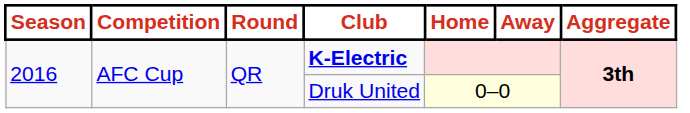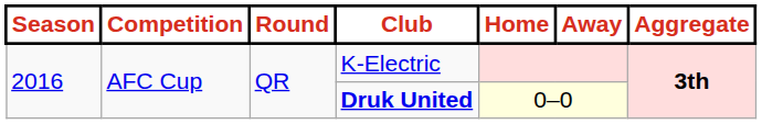 <table class="wikitable">
 <tr>
 <th style="background:#FFFFFF; color:#D62E1D; border:2px solid #000000">Season</th>
 <th style="background:#FFFFFF; color:#D62E1D; border:2px solid #000000">Competition</th>
 <th style="background:#FFFFFF; color:#D62E1D; border:2px solid #000000">Round</th>
 <th style="background:#FFFFFF; color:#D62E1D; border:2px solid #000000">Club</th>
 <th style="background:#FFFFFF; color:#D62E1D; border:2px solid #000000">Home</th>
 <th style="background:#FFFFFF; color:#D62E1D; border:2px solid #000000">Away</th>
 <th style="background:#FFFFFF; color:#D62E1D; border:2px solid #000000">Aggregate</th>
 </tr>
 <tr>
 <td rowspan="2"><a href='#'>2016</a></td>
 <td rowspan="2"><a href='#'>AFC Cup</a></td>
 <td rowspan="2"><a href='#'>QR</a></td>
-<td><strong> <a href='#'>K-Electric</a></strong></td>
+<td> <a href='#'>K-Electric</a></td>
 <td colspan="2" align=center style="background:#fdd;"></td>
 <td rowspan="2" align=center style="background:#fdd"><strong>3th</strong></td>
 </tr>
 <tr>
-<td> <a href='#'>Druk United</a></td>
+<td><strong> <a href='#'>Druk United</a></strong></td>
 <td colspan="2" align=center style="background:#ffffdd;">0–0</td>
 </tr>
 </table>
